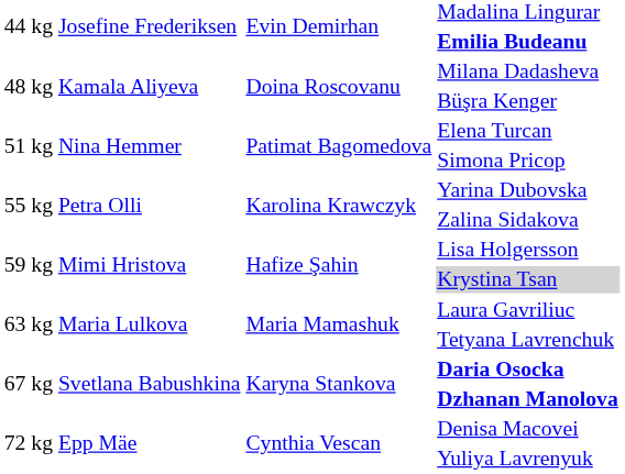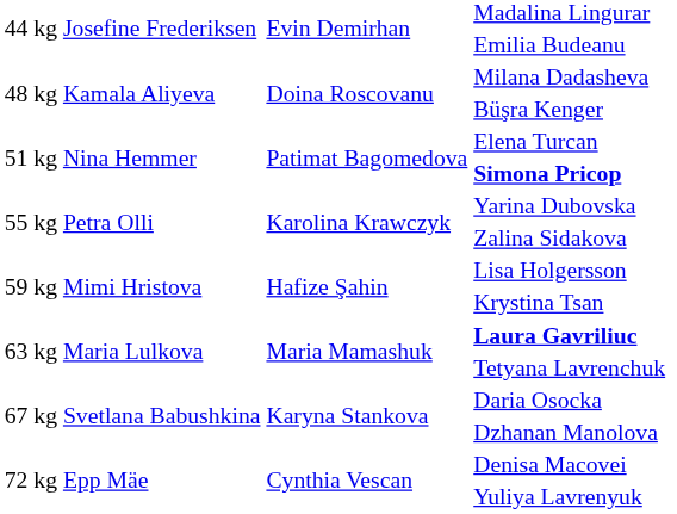 <table>
 <tr>
 <td rowspan=2>44 kg</td>
 <td rowspan=2> <a href='#'>Josefine Frederiksen</a></td>
 <td rowspan=2> <a href='#'>Evin Demirhan</a></td>
 <td> <a href='#'>Madalina Lingurar</a></td>
 </tr>
 <tr>
-<td><strong> <a href='#'>Emilia Budeanu</a></strong></td>
+<td> <a href='#'>Emilia Budeanu</a></td>
 </tr>
 <tr>
 <td rowspan=2>48 kg</td>
 <td rowspan=2> <a href='#'>Kamala Aliyeva</a></td>
 <td rowspan=2> <a href='#'>Doina Roscovanu</a></td>
 <td> <a href='#'>Milana Dadasheva</a></td>
 </tr>
 <tr>
 <td> <a href='#'>Büşra Kenger</a></td>
 </tr>
 <tr>
 <td rowspan=2>51 kg</td>
 <td rowspan=2> <a href='#'>Nina Hemmer</a></td>
 <td rowspan=2> <a href='#'>Patimat Bagomedova</a></td>
 <td> <a href='#'>Elena Turcan</a></td>
 </tr>
 <tr>
-<td> <a href='#'>Simona Pricop</a></td>
+<td><strong> <a href='#'>Simona Pricop</a></strong></td>
 </tr>
 <tr>
 <td rowspan=2>55 kg</td>
 <td rowspan=2> <a href='#'>Petra Olli</a></td>
 <td rowspan=2> <a href='#'>Karolina Krawczyk</a></td>
 <td> <a href='#'>Yarina Dubovska</a></td>
 </tr>
 <tr>
 <td> <a href='#'>Zalina Sidakova</a></td>
 </tr>
 <tr>
 <td rowspan=2>59 kg</td>
 <td rowspan=2> <a href='#'>Mimi Hristova</a></td>
 <td rowspan=2> <a href='#'>Hafize Şahin</a></td>
 <td> <a href='#'>Lisa Holgersson</a></td>
 </tr>
 <tr>
-<td style="background: lightgrey;"> <a href='#'>Krystina Tsan</a></td>
+<td> <a href='#'>Krystina Tsan</a></td>
 </tr>
 <tr>
 <td rowspan=2>63 kg</td>
 <td rowspan=2> <a href='#'>Maria Lulkova</a></td>
 <td rowspan=2> <a href='#'>Maria Mamashuk</a></td>
-<td> <a href='#'>Laura Gavriliuc</a></td>
+<td><strong> <a href='#'>Laura Gavriliuc</a></strong></td>
 </tr>
 <tr>
 <td> <a href='#'>Tetyana Lavrenchuk</a></td>
 </tr>
 <tr>
 <td rowspan=2>67 kg</td>
 <td rowspan=2> <a href='#'>Svetlana Babushkina</a></td>
 <td rowspan=2> <a href='#'>Karyna Stankova</a></td>
-<td><strong> <a href='#'>Daria Osocka</a></strong></td>
+<td> <a href='#'>Daria Osocka</a></td>
 </tr>
 <tr>
-<td><strong> <a href='#'>Dzhanan Manolova</a></strong></td>
+<td> <a href='#'>Dzhanan Manolova</a></td>
 </tr>
 <tr>
 <td rowspan=2>72 kg</td>
 <td rowspan=2> <a href='#'>Epp Mäe</a></td>
 <td rowspan=2> <a href='#'>Cynthia Vescan</a></td>
 <td> <a href='#'>Denisa Macovei</a></td>
 </tr>
 <tr>
 <td> <a href='#'>Yuliya Lavrenyuk</a></td>
 </tr>
 </table>
